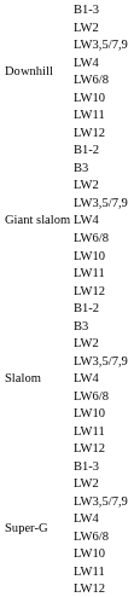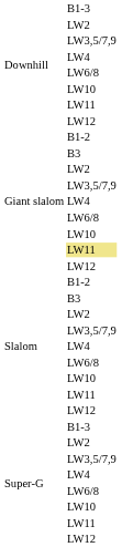 <table>
 <tr>
 <td rowspan="8">Downhill<br></td>
 <td>B1-3</td>
 <td></td>
 <td></td>
 <td></td>
 </tr>
 <tr>
 <td>LW2</td>
 <td></td>
 <td></td>
 <td></td>
 </tr>
 <tr>
 <td>LW3,5/7,9</td>
 <td></td>
 <td></td>
 <td></td>
 </tr>
 <tr>
 <td>LW4</td>
 <td></td>
 <td></td>
 <td></td>
 </tr>
 <tr>
 <td>LW6/8</td>
 <td></td>
 <td></td>
 <td></td>
 </tr>
 <tr>
 <td>LW10</td>
 <td></td>
 <td></td>
 <td></td>
 </tr>
 <tr>
 <td>LW11</td>
 <td></td>
 <td></td>
 <td></td>
 </tr>
 <tr>
 <td>LW12</td>
 <td></td>
 <td></td>
 <td></td>
 </tr>
 <tr>
 <td rowspan=9>Giant slalom<br></td>
 <td>B1-2</td>
 <td></td>
 <td></td>
 <td></td>
 </tr>
 <tr>
 <td>B3</td>
 <td></td>
 <td></td>
 <td></td>
 </tr>
 <tr>
 <td>LW2</td>
 <td></td>
 <td></td>
 <td></td>
 </tr>
 <tr>
 <td>LW3,5/7,9</td>
 <td></td>
 <td></td>
 <td></td>
 </tr>
 <tr>
 <td>LW4</td>
 <td></td>
 <td></td>
 <td></td>
 </tr>
 <tr>
 <td>LW6/8</td>
 <td></td>
 <td></td>
 <td></td>
 </tr>
 <tr>
 <td>LW10</td>
 <td></td>
 <td></td>
 <td></td>
 </tr>
 <tr>
-<td>LW11</td>
+<td style="background: khaki;">LW11</td>
 <td></td>
 <td></td>
 <td></td>
 </tr>
 <tr>
 <td>LW12</td>
 <td></td>
 <td></td>
 <td></td>
 </tr>
 <tr>
 <td rowspan=9>Slalom<br></td>
 <td>B1-2</td>
 <td></td>
 <td></td>
 <td></td>
 </tr>
 <tr>
 <td>B3</td>
 <td></td>
 <td></td>
 <td></td>
 </tr>
 <tr>
 <td>LW2</td>
 <td></td>
 <td></td>
 <td></td>
 </tr>
 <tr>
 <td>LW3,5/7,9</td>
 <td></td>
 <td></td>
 <td></td>
 </tr>
 <tr>
 <td>LW4</td>
 <td></td>
 <td></td>
 <td></td>
 </tr>
 <tr>
 <td>LW6/8</td>
 <td></td>
 <td></td>
 <td></td>
 </tr>
 <tr>
 <td>LW10</td>
 <td></td>
 <td></td>
 <td></td>
 </tr>
 <tr>
 <td>LW11</td>
 <td></td>
 <td></td>
 <td></td>
 </tr>
 <tr>
 <td>LW12</td>
 <td></td>
 <td></td>
 <td></td>
 </tr>
 <tr>
 <td rowspan=8>Super-G<br></td>
 <td>B1-3</td>
 <td></td>
 <td></td>
 <td></td>
 </tr>
 <tr>
 <td>LW2</td>
 <td></td>
 <td></td>
 <td></td>
 </tr>
 <tr>
 <td>LW3,5/7,9</td>
 <td></td>
 <td></td>
 <td></td>
 </tr>
 <tr>
 <td>LW4</td>
 <td></td>
 <td></td>
 <td></td>
 </tr>
 <tr>
 <td>LW6/8</td>
 <td></td>
 <td></td>
 <td></td>
 </tr>
 <tr>
 <td>LW10</td>
 <td></td>
 <td></td>
 <td></td>
 </tr>
 <tr>
 <td>LW11</td>
 <td></td>
 <td></td>
 <td></td>
 </tr>
 <tr>
 <td>LW12</td>
 <td></td>
 <td></td>
 <td></td>
 </tr>
 </table>
